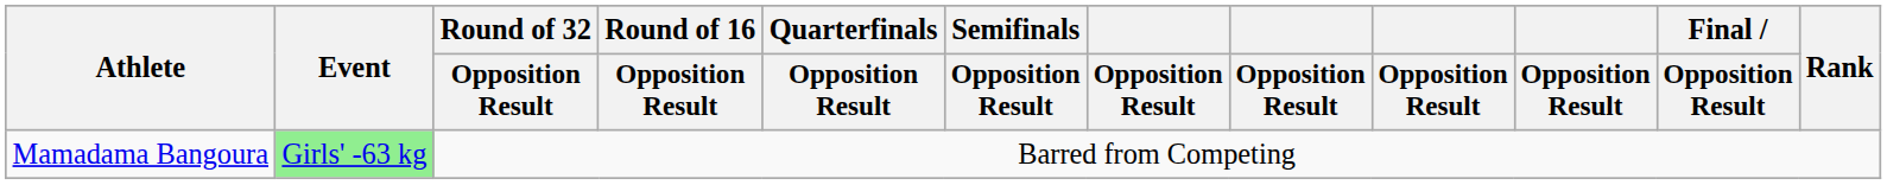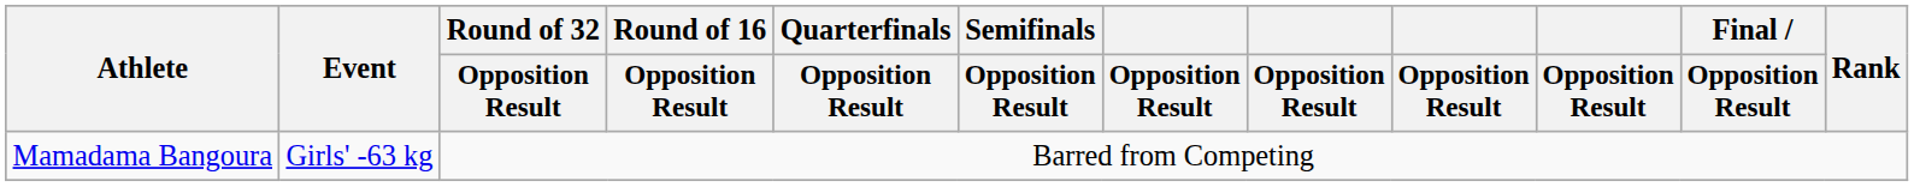 <table class="wikitable" style="font-size:90%">
 <tr>
 <th rowspan="2">Athlete</th>
 <th rowspan="2">Event</th>
 <th>Round of 32</th>
 <th>Round of 16</th>
 <th>Quarterfinals</th>
 <th>Semifinals</th>
 <th></th>
 <th></th>
 <th></th>
 <th></th>
 <th>Final / </th>
 <th rowspan=2>Rank</th>
 </tr>
 <tr style="font-size:95%">
 <th>Opposition<br>Result</th>
 <th>Opposition<br>Result</th>
 <th>Opposition<br>Result</th>
 <th>Opposition<br>Result</th>
 <th>Opposition<br>Result</th>
 <th>Opposition<br>Result</th>
 <th>Opposition<br>Result</th>
 <th>Opposition<br>Result</th>
 <th>Opposition<br>Result</th>
 </tr>
 <tr align=center>
 <td align=left><a href='#'>Mamadama Bangoura</a></td>
-<td align=left style="background: lightgreen;"><a href='#'>Girls' -63 kg</a></td>
+<td align=left><a href='#'>Girls' -63 kg</a></td>
 <td colspan=10>Barred from Competing</td>
 </tr>
 </table>
